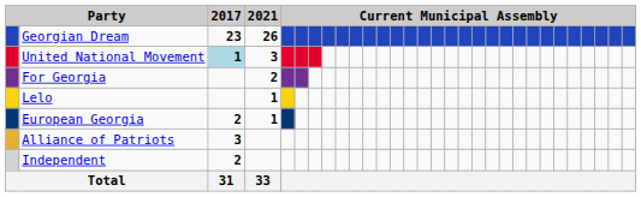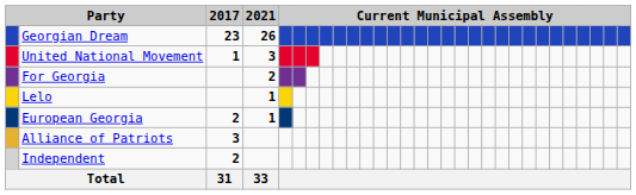 <table class="wikitable">
 <tr>
 <th style="background:#ccc" colspan="2">Party</th>
 <th style="background:#ccc">2017</th>
 <th style="background:#ccc">2021</th>
 <th style="background:#ccc" colspan="45">Current Municipal Assembly</th>
 </tr>
 <tr>
 <td style="background-color: #2044bc"> </td>
 <td><a href='#'>Georgian Dream</a></td>
 <td style="text-align: right"><strong>23</strong></td>
 <td style="text-align: right"><strong>26</strong></td>
 <td style="background-color: #2044bc"></td>
 <td style="background-color: #2044bc"> </td>
 <td style="background-color: #2044bc"> </td>
 <td style="background-color: #2044bc"> </td>
 <td style="background-color: #2044bc"> </td>
 <td style="background-color: #2044bc"> </td>
 <td style="background-color: #2044bc"> </td>
 <td style="background-color: #2044bc"> </td>
 <td style="background-color: #2044bc"> </td>
 <td style="background-color: #2044bc"> </td>
 <td style="background-color: #2044bc"> </td>
 <td style="background-color: #2044bc"> </td>
 <td style="background-color: #2044bc"> </td>
 <td style="background-color: #2044bc"> </td>
 <td style="background-color: #2044bc"> </td>
 <td style="background-color: #2044bc"> </td>
 <td style="background-color: #2044bc"> </td>
 <td style="background-color: #2044bc"> </td>
 <td style="background-color: #2044bc"> </td>
 <td style="background-color: #2044bc"> </td>
 <td style="background-color: #2044bc"> </td>
 <td style="background-color: #2044bc"> </td>
 <td style="background-color: #2044bc"> </td>
 <td style="background-color: #2044bc"> </td>
 <td style="background-color: #2044bc"> </td>
 <td style="background-color: #2044bc"> </td>
 </tr>
 <tr>
 <td style="background-color: #e4012e"> </td>
 <td><a href='#'>United National Movement</a></td>
-<td style="background: lightblue; text-align: right"><strong>1</strong></td>
+<td style="text-align: right"><strong>1</strong></td>
 <td style="text-align: right"><strong>3</strong></td>
 <td style="background-color: #e4012e"> </td>
 <td style="background-color: #e4012e"> </td>
 <td style="background-color: #e4012e"> </td>
 <td></td>
 <td></td>
 <td></td>
 <td></td>
 <td></td>
 <td></td>
 <td></td>
 <td></td>
 <td></td>
 <td></td>
 <td></td>
 <td></td>
 <td></td>
 <td></td>
 <td></td>
 <td></td>
 <td></td>
 <td></td>
 <td></td>
 <td></td>
 <td></td>
 <td></td>
 <td></td>
 </tr>
 <tr>
 <td style="background-color: #702F92"> </td>
 <td><a href='#'>For Georgia</a></td>
 <td></td>
 <td style="text-align: right"><strong>2</strong></td>
 <td style="background-color: #702f92"> </td>
 <td style="background-color: #702f92"> </td>
 <td></td>
 <td></td>
 <td></td>
 <td></td>
 <td></td>
 <td></td>
 <td></td>
 <td></td>
 <td></td>
 <td></td>
 <td></td>
 <td></td>
 <td></td>
 <td></td>
 <td></td>
 <td></td>
 <td></td>
 <td></td>
 <td></td>
 <td></td>
 <td></td>
 <td></td>
 <td></td>
 <td></td>
 </tr>
 <tr>
 <td style="background-color: #fad406"> </td>
 <td><a href='#'>Lelo</a></td>
 <td></td>
 <td style="text-align: right"><strong>1</strong></td>
 <td style="background-color: #fad406"> </td>
 <td></td>
 <td></td>
 <td></td>
 <td></td>
 <td></td>
 <td></td>
 <td></td>
 <td></td>
 <td></td>
 <td></td>
 <td></td>
 <td></td>
 <td></td>
 <td></td>
 <td></td>
 <td></td>
 <td></td>
 <td></td>
 <td></td>
 <td></td>
 <td></td>
 <td></td>
 <td></td>
 <td></td>
 <td></td>
 </tr>
 <tr>
 <td style="background-color: #003876"> </td>
 <td><a href='#'>European Georgia</a></td>
 <td style="text-align: right"><strong>2</strong></td>
 <td style="text-align: right"><strong>1</strong></td>
 <td style="background-color: #003876"> </td>
 <td></td>
 <td></td>
 <td></td>
 <td></td>
 <td></td>
 <td></td>
 <td></td>
 <td></td>
 <td></td>
 <td></td>
 <td></td>
 <td></td>
 <td></td>
 <td></td>
 <td></td>
 <td></td>
 <td></td>
 <td></td>
 <td></td>
 <td></td>
 <td></td>
 <td></td>
 <td></td>
 <td></td>
 <td></td>
 </tr>
 <tr>
 <td style="background-color: #e7b031"> </td>
 <td><a href='#'>Alliance of Patriots</a></td>
 <td style="text-align: right"><strong>3</strong></td>
 <td></td>
 <td></td>
 <td></td>
 <td></td>
 <td></td>
 <td></td>
 <td></td>
 <td></td>
 <td></td>
 <td></td>
 <td></td>
 <td></td>
 <td></td>
 <td></td>
 <td></td>
 <td></td>
 <td></td>
 <td></td>
 <td></td>
 <td></td>
 <td></td>
 <td></td>
 <td></td>
 <td></td>
 <td></td>
 <td></td>
 <td></td>
 </tr>
 <tr>
 <td style="background-color: lightgrey"> </td>
 <td><a href='#'>Independent</a></td>
 <td style="text-align: right"><strong>2</strong></td>
 <td></td>
 <td></td>
 <td></td>
 <td></td>
 <td></td>
 <td></td>
 <td></td>
 <td></td>
 <td></td>
 <td></td>
 <td></td>
 <td></td>
 <td></td>
 <td></td>
 <td></td>
 <td></td>
 <td></td>
 <td></td>
 <td></td>
 <td></td>
 <td></td>
 <td></td>
 <td></td>
 <td></td>
 <td></td>
 <td></td>
 <td></td>
 </tr>
 <tr>
 <th colspan=2>Total</th>
 <th align=right>31</th>
 <th align=right>33</th>
 <th colspan=45> </th>
 </tr>
 </table>
